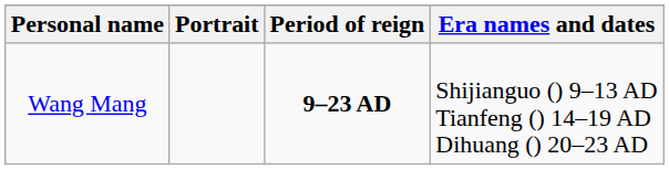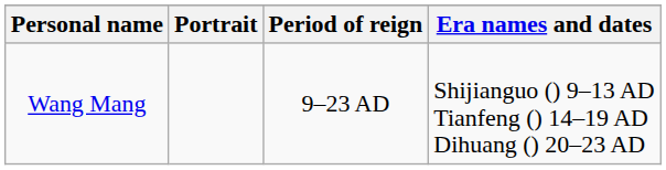 <table class="wikitable">
 <tr>
 </tr>
 <tr>
 <th>Personal name</th>
 <th>Portrait</th>
 <th>Period of reign</th>
 <th><a href='#'>Era names</a> and dates</th>
 </tr>
 <tr>
 <td align="center"><a href='#'>Wang Mang</a></td>
 <td align="center"></td>
-<td align="center"><strong>9–23 AD</strong></td>
+<td align="center">9–23 AD</td>
 <td><br>Shijianguo () 9–13 AD<br> Tianfeng () 14–19 AD<br> Dihuang () 20–23 AD<br></td>
 </tr>
 </table>
